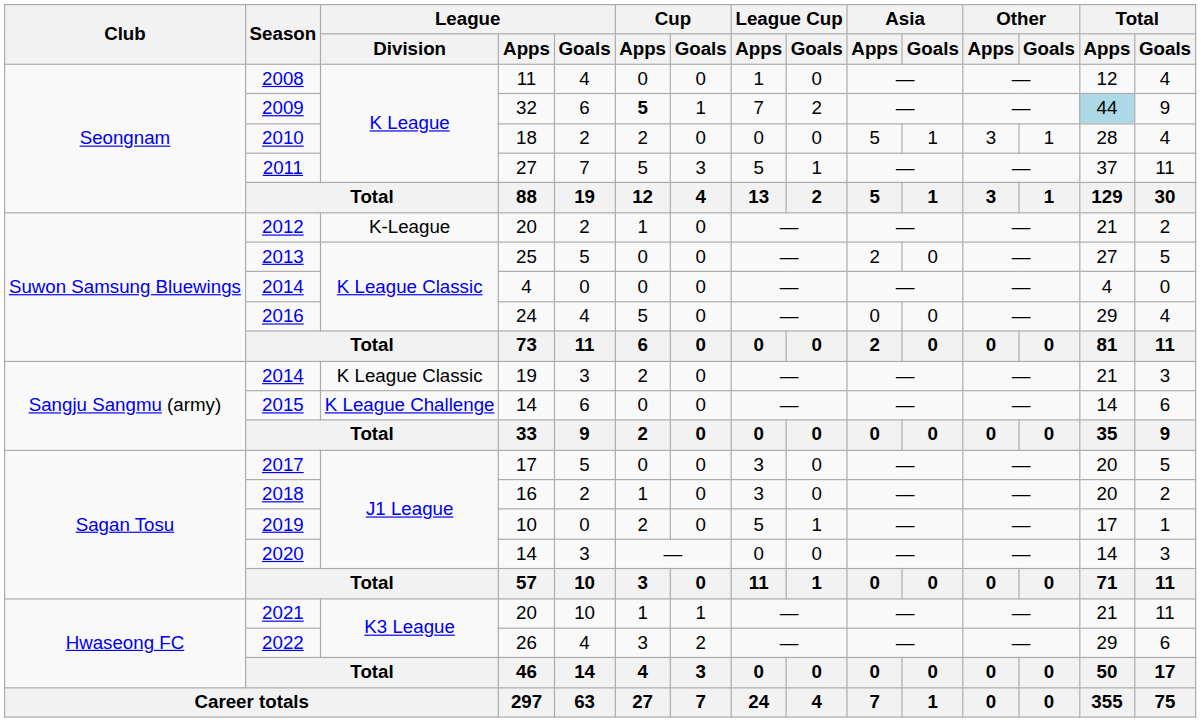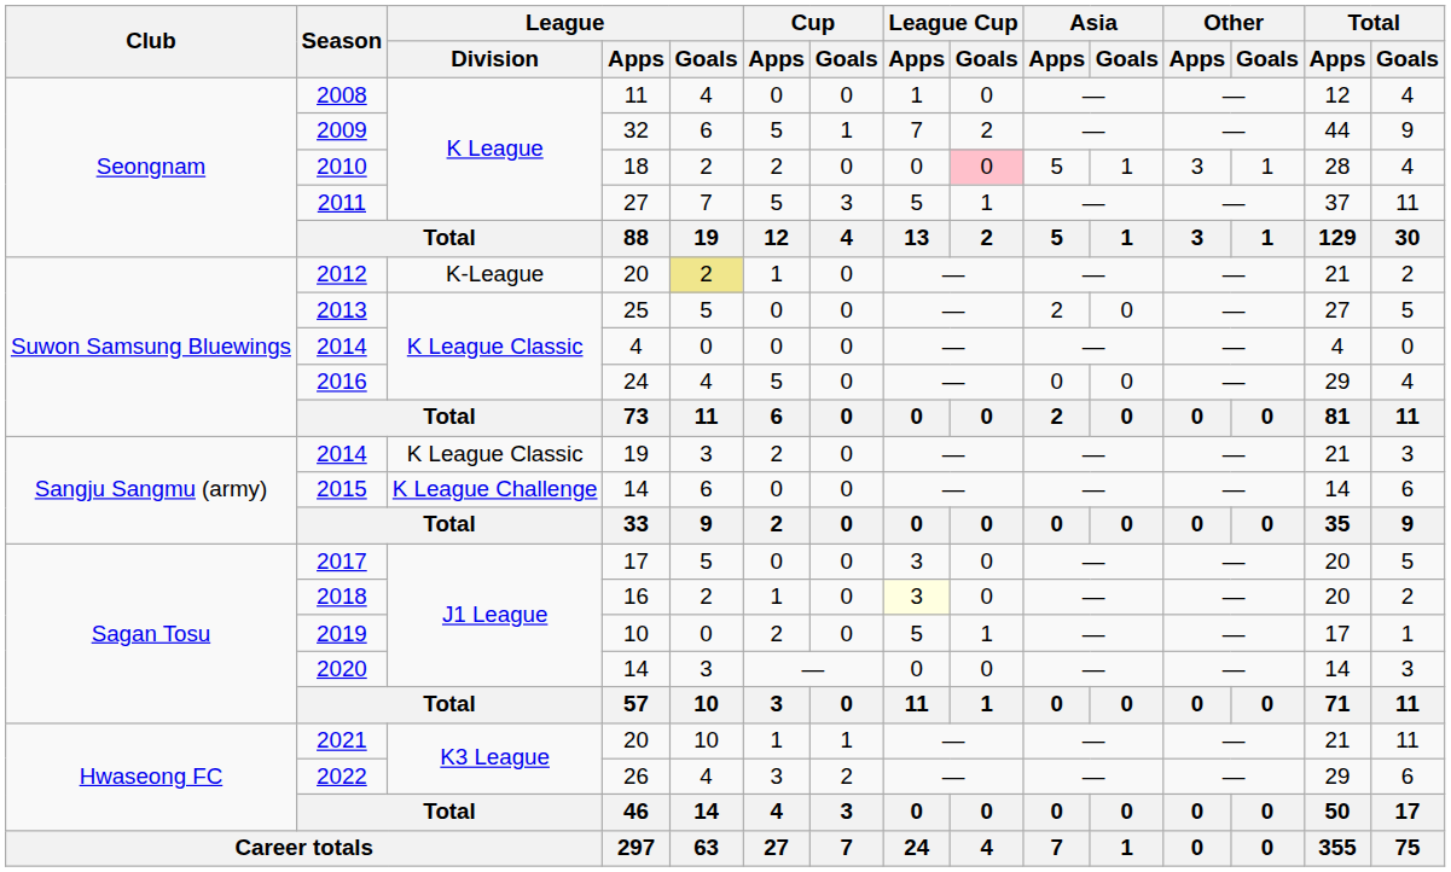 <table class="wikitable" style="text-align:center;">
 <tr>
 <th rowspan=2>Club</th>
 <th rowspan=2>Season</th>
 <th colspan=3>League</th>
 <th colspan=2>Cup</th>
 <th colspan=2>League Cup</th>
 <th colspan=2>Asia</th>
 <th colspan=2>Other</th>
 <th colspan=2>Total</th>
 </tr>
 <tr>
 <th>Division</th>
 <th>Apps</th>
 <th>Goals</th>
 <th>Apps</th>
 <th>Goals</th>
 <th>Apps</th>
 <th>Goals</th>
 <th>Apps</th>
 <th>Goals</th>
 <th>Apps</th>
 <th>Goals</th>
 <th>Apps</th>
 <th>Goals</th>
 </tr>
 <tr>
 <td rowspan=5><a href='#'>Seongnam</a></td>
 <td><a href='#'>2008</a></td>
 <td rowspan=4><a href='#'>K League</a></td>
 <td>11</td>
 <td>4</td>
 <td>0</td>
 <td>0</td>
 <td>1</td>
 <td>0</td>
 <td colspan=2>—</td>
 <td colspan=2>—</td>
 <td>12</td>
 <td>4</td>
 </tr>
 <tr>
 <td><a href='#'>2009</a></td>
 <td>32</td>
 <td>6</td>
-<td><strong>5</strong></td>
+<td>5</td>
 <td>1</td>
 <td>7</td>
 <td>2</td>
 <td colspan=2>—</td>
 <td colspan=2>—</td>
-<td style="background: lightblue;">44</td>
+<td>44</td>
 <td>9</td>
 </tr>
 <tr>
 <td><a href='#'>2010</a></td>
 <td>18</td>
 <td>2</td>
 <td>2</td>
 <td>0</td>
 <td>0</td>
-<td>0</td>
+<td style="background: pink;">0</td>
 <td>5</td>
 <td>1</td>
 <td>3</td>
 <td>1</td>
 <td>28</td>
 <td>4</td>
 </tr>
 <tr>
 <td><a href='#'>2011</a></td>
 <td>27</td>
 <td>7</td>
 <td>5</td>
 <td>3</td>
 <td>5</td>
 <td>1</td>
 <td colspan=2>—</td>
 <td colspan=2>—</td>
 <td>37</td>
 <td>11</td>
 </tr>
 <tr>
 <th colspan=2>Total</th>
 <th>88</th>
 <th>19</th>
 <th>12</th>
 <th>4</th>
 <th>13</th>
 <th>2</th>
 <th>5</th>
 <th>1</th>
 <th>3</th>
 <th>1</th>
 <th>129</th>
 <th>30</th>
 </tr>
 <tr>
 <td rowspan=5><a href='#'>Suwon Samsung Bluewings</a></td>
 <td><a href='#'>2012</a></td>
 <td>K-League</td>
 <td>20</td>
-<td>2</td>
+<td style="background: khaki;">2</td>
 <td>1</td>
 <td>0</td>
 <td colspan=2>—</td>
 <td colspan=2>—</td>
 <td colspan=2>—</td>
 <td>21</td>
 <td>2</td>
 </tr>
 <tr>
 <td><a href='#'>2013</a></td>
 <td rowspan=3><a href='#'>K League Classic</a></td>
 <td>25</td>
 <td>5</td>
 <td>0</td>
 <td>0</td>
 <td colspan=2>—</td>
 <td>2</td>
 <td>0</td>
 <td colspan=2>—</td>
 <td>27</td>
 <td>5</td>
 </tr>
 <tr>
 <td><a href='#'>2014</a></td>
 <td>4</td>
 <td>0</td>
 <td>0</td>
 <td>0</td>
 <td colspan=2>—</td>
 <td colspan=2>—</td>
 <td colspan=2>—</td>
 <td>4</td>
 <td>0</td>
 </tr>
 <tr>
 <td><a href='#'>2016</a></td>
 <td>24</td>
 <td>4</td>
 <td>5</td>
 <td>0</td>
 <td colspan=2>—</td>
 <td>0</td>
 <td>0</td>
 <td colspan=2>—</td>
 <td>29</td>
 <td>4</td>
 </tr>
 <tr>
 <th colspan=2>Total</th>
 <th>73</th>
 <th>11</th>
 <th>6</th>
 <th>0</th>
 <th>0</th>
 <th>0</th>
 <th>2</th>
 <th>0</th>
 <th>0</th>
 <th>0</th>
 <th>81</th>
 <th>11</th>
 </tr>
 <tr>
 <td rowspan=3><a href='#'>Sangju Sangmu</a> (army)</td>
 <td><a href='#'>2014</a></td>
 <td>K League Classic</td>
 <td>19</td>
 <td>3</td>
 <td>2</td>
 <td>0</td>
 <td colspan=2>—</td>
 <td colspan=2>—</td>
 <td colspan=2>—</td>
 <td>21</td>
 <td>3</td>
 </tr>
 <tr>
 <td><a href='#'>2015</a></td>
 <td><a href='#'>K League Challenge</a></td>
 <td>14</td>
 <td>6</td>
 <td>0</td>
 <td>0</td>
 <td colspan=2>—</td>
 <td colspan=2>—</td>
 <td colspan=2>—</td>
 <td>14</td>
 <td>6</td>
 </tr>
 <tr>
 <th colspan=2>Total</th>
 <th>33</th>
 <th>9</th>
 <th>2</th>
 <th>0</th>
 <th>0</th>
 <th>0</th>
 <th>0</th>
 <th>0</th>
 <th>0</th>
 <th>0</th>
 <th>35</th>
 <th>9</th>
 </tr>
 <tr>
 <td rowspan=5><a href='#'>Sagan Tosu</a></td>
 <td><a href='#'>2017</a></td>
 <td rowspan=4><a href='#'>J1 League</a></td>
 <td>17</td>
 <td>5</td>
 <td>0</td>
 <td>0</td>
 <td>3</td>
 <td>0</td>
 <td colspan=2>—</td>
 <td colspan=2>—</td>
 <td>20</td>
 <td>5</td>
 </tr>
 <tr>
 <td><a href='#'>2018</a></td>
 <td>16</td>
 <td>2</td>
 <td>1</td>
 <td>0</td>
-<td>3</td>
+<td style="background: lightyellow;">3</td>
 <td>0</td>
 <td colspan=2>—</td>
 <td colspan=2>—</td>
 <td>20</td>
 <td>2</td>
 </tr>
 <tr>
 <td><a href='#'>2019</a></td>
 <td>10</td>
 <td>0</td>
 <td>2</td>
 <td>0</td>
 <td>5</td>
 <td>1</td>
 <td colspan=2>—</td>
 <td colspan=2>—</td>
 <td>17</td>
 <td>1</td>
 </tr>
 <tr>
 <td><a href='#'>2020</a></td>
 <td>14</td>
 <td>3</td>
 <td colspan=2>—</td>
 <td>0</td>
 <td>0</td>
 <td colspan=2>—</td>
 <td colspan=2>—</td>
 <td>14</td>
 <td>3</td>
 </tr>
 <tr>
 <th colspan=2>Total</th>
 <th>57</th>
 <th>10</th>
 <th>3</th>
 <th>0</th>
 <th>11</th>
 <th>1</th>
 <th>0</th>
 <th>0</th>
 <th>0</th>
 <th>0</th>
 <th>71</th>
 <th>11</th>
 </tr>
 <tr>
 <td rowspan=3><a href='#'>Hwaseong FC</a></td>
 <td><a href='#'>2021</a></td>
 <td rowspan=2><a href='#'>K3 League</a></td>
 <td>20</td>
 <td>10</td>
 <td>1</td>
 <td>1</td>
 <td colspan=2>—</td>
 <td colspan=2>—</td>
 <td colspan=2>—</td>
 <td>21</td>
 <td>11</td>
 </tr>
 <tr>
 <td><a href='#'>2022</a></td>
 <td>26</td>
 <td>4</td>
 <td>3</td>
 <td>2</td>
 <td colspan=2>—</td>
 <td colspan=2>—</td>
 <td colspan=2>—</td>
 <td>29</td>
 <td>6</td>
 </tr>
 <tr>
 <th colspan=2>Total</th>
 <th>46</th>
 <th>14</th>
 <th>4</th>
 <th>3</th>
 <th>0</th>
 <th>0</th>
 <th>0</th>
 <th>0</th>
 <th>0</th>
 <th>0</th>
 <th>50</th>
 <th>17</th>
 </tr>
 <tr>
 <th colspan=3>Career totals</th>
 <th>297</th>
 <th>63</th>
 <th>27</th>
 <th>7</th>
 <th>24</th>
 <th>4</th>
 <th>7</th>
 <th>1</th>
 <th>0</th>
 <th>0</th>
 <th>355</th>
 <th>75</th>
 </tr>
 </table>
